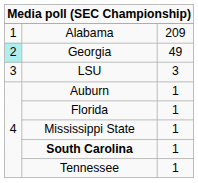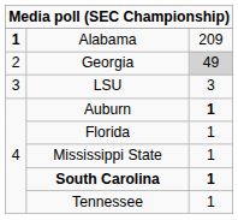 <table class="wikitable">
 <tr align="center">
 <td align="center" Colspan="3"><strong>Media poll (SEC Championship)</strong></td>
 </tr>
 <tr align="center">
 </tr>
 <tr align="center">
-<td>1</td>
+<td><strong>1</strong></td>
 <td>Alabama</td>
 <td>209</td>
 </tr>
 <tr align="center">
-<td style="background: paleturquoise;">2</td>
+<td>2</td>
 <td>Georgia</td>
-<td>49</td>
+<td style="background: lightgrey;">49</td>
 </tr>
 <tr align="center">
 <td>3</td>
 <td>LSU</td>
 <td>3</td>
 </tr>
 <tr align="center">
 <td rowspan="5">4</td>
 <td>Auburn</td>
-<td>1</td>
+<td><strong>1</strong></td>
 </tr>
 <tr align="center">
 <td>Florida</td>
 <td>1</td>
 </tr>
 <tr align="center">
 <td>Mississippi State</td>
 <td>1</td>
 </tr>
 <tr align="center">
 <td><strong>South Carolina</strong></td>
-<td>1</td>
+<td><strong>1</strong></td>
 </tr>
 <tr align="center">
 <td>Tennessee</td>
 <td>1</td>
 </tr>
 </table>
